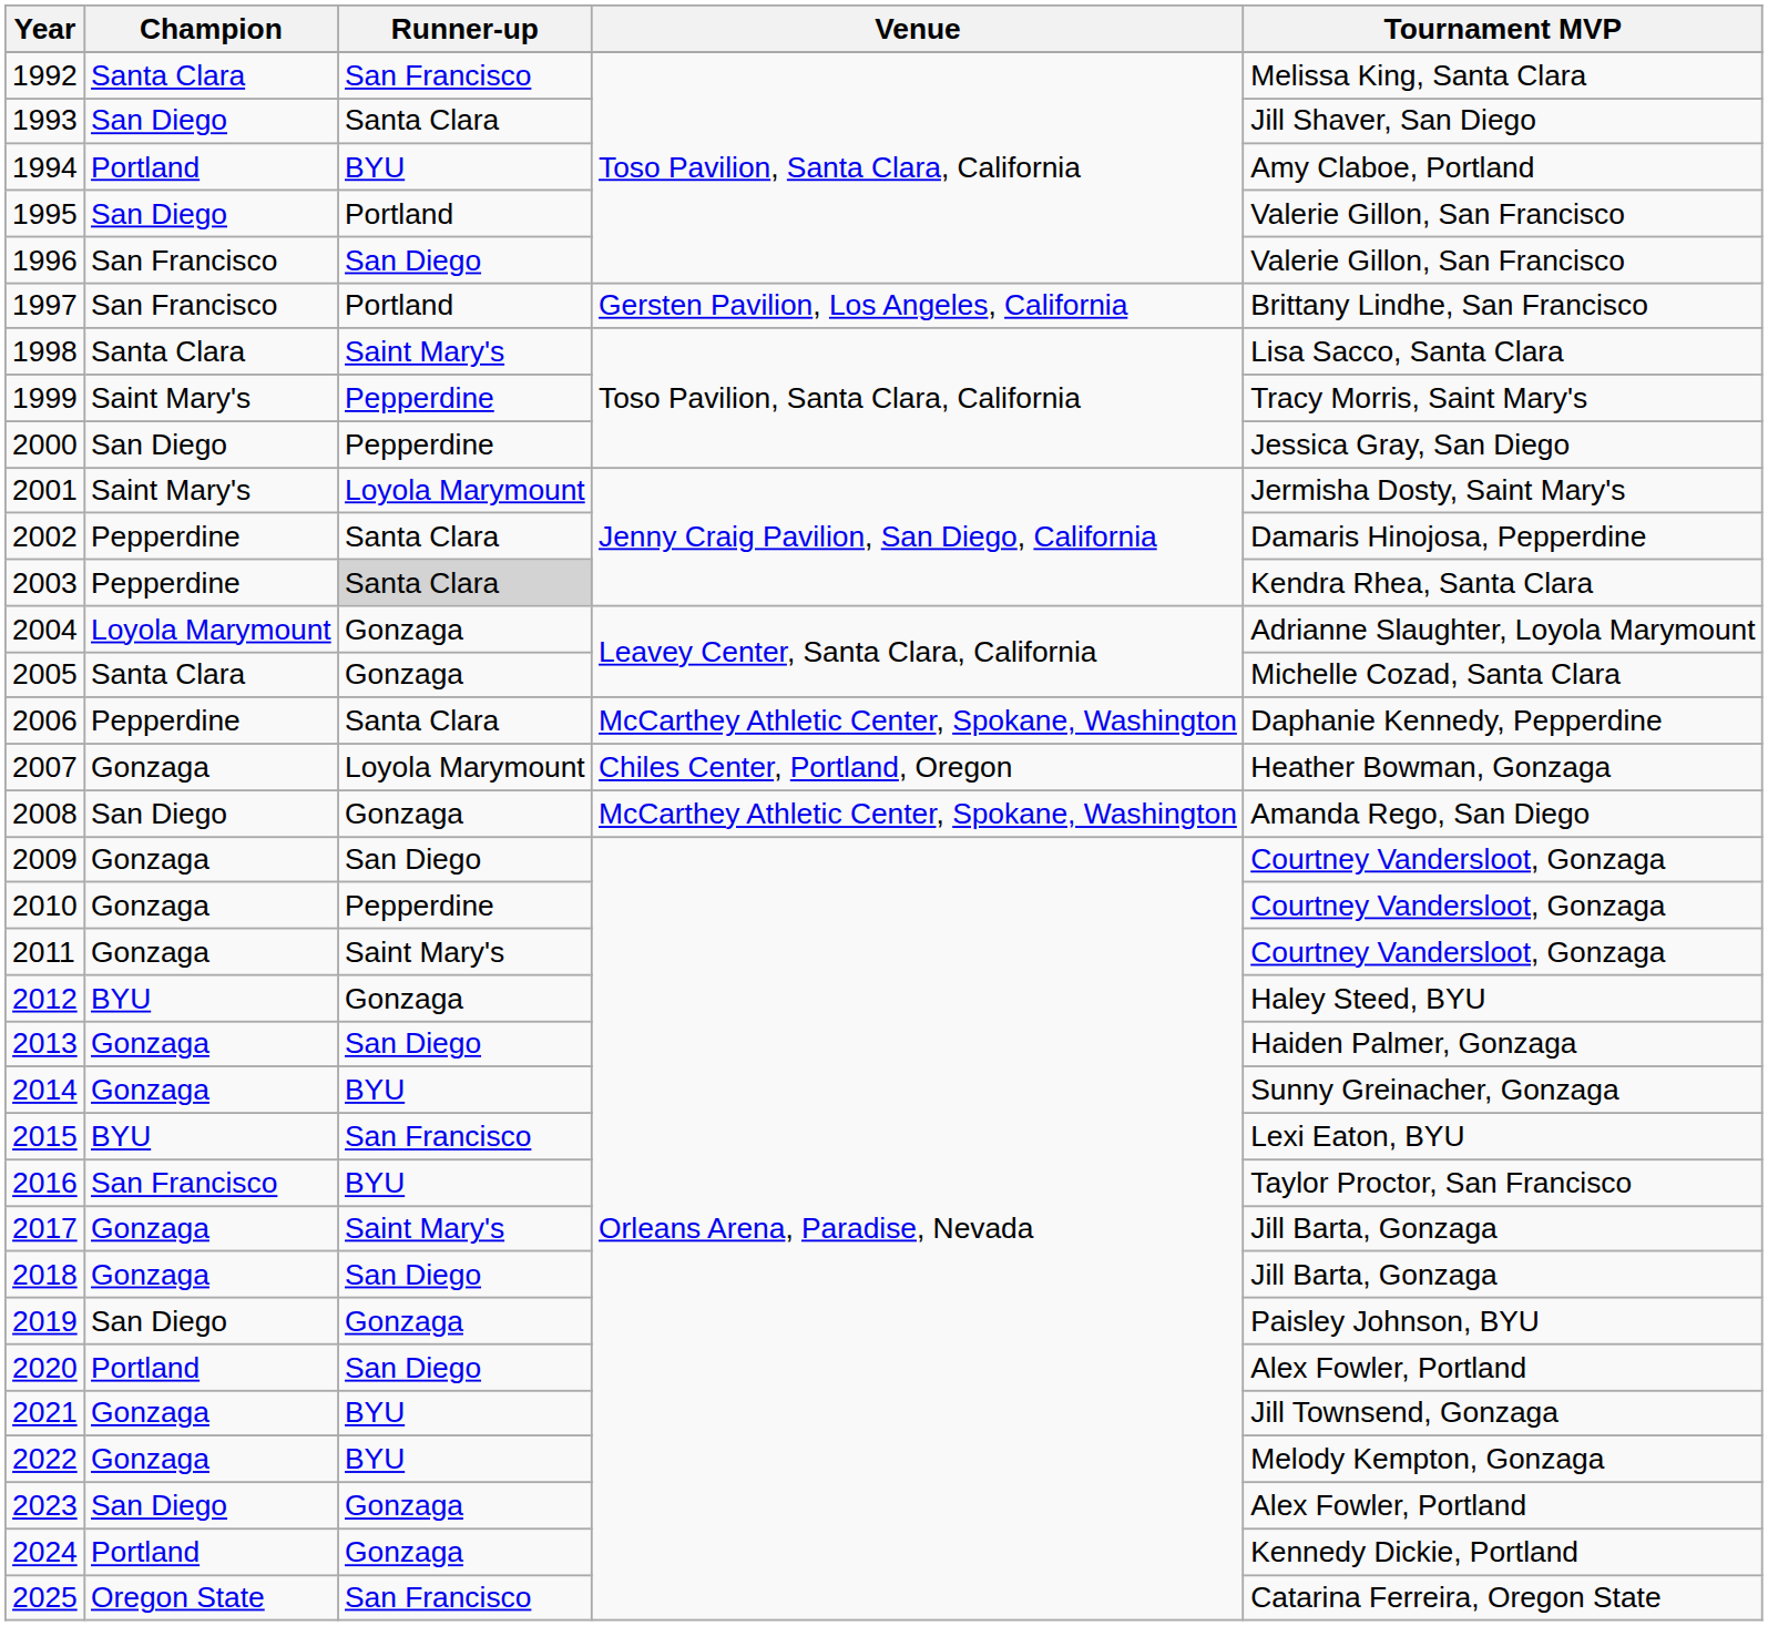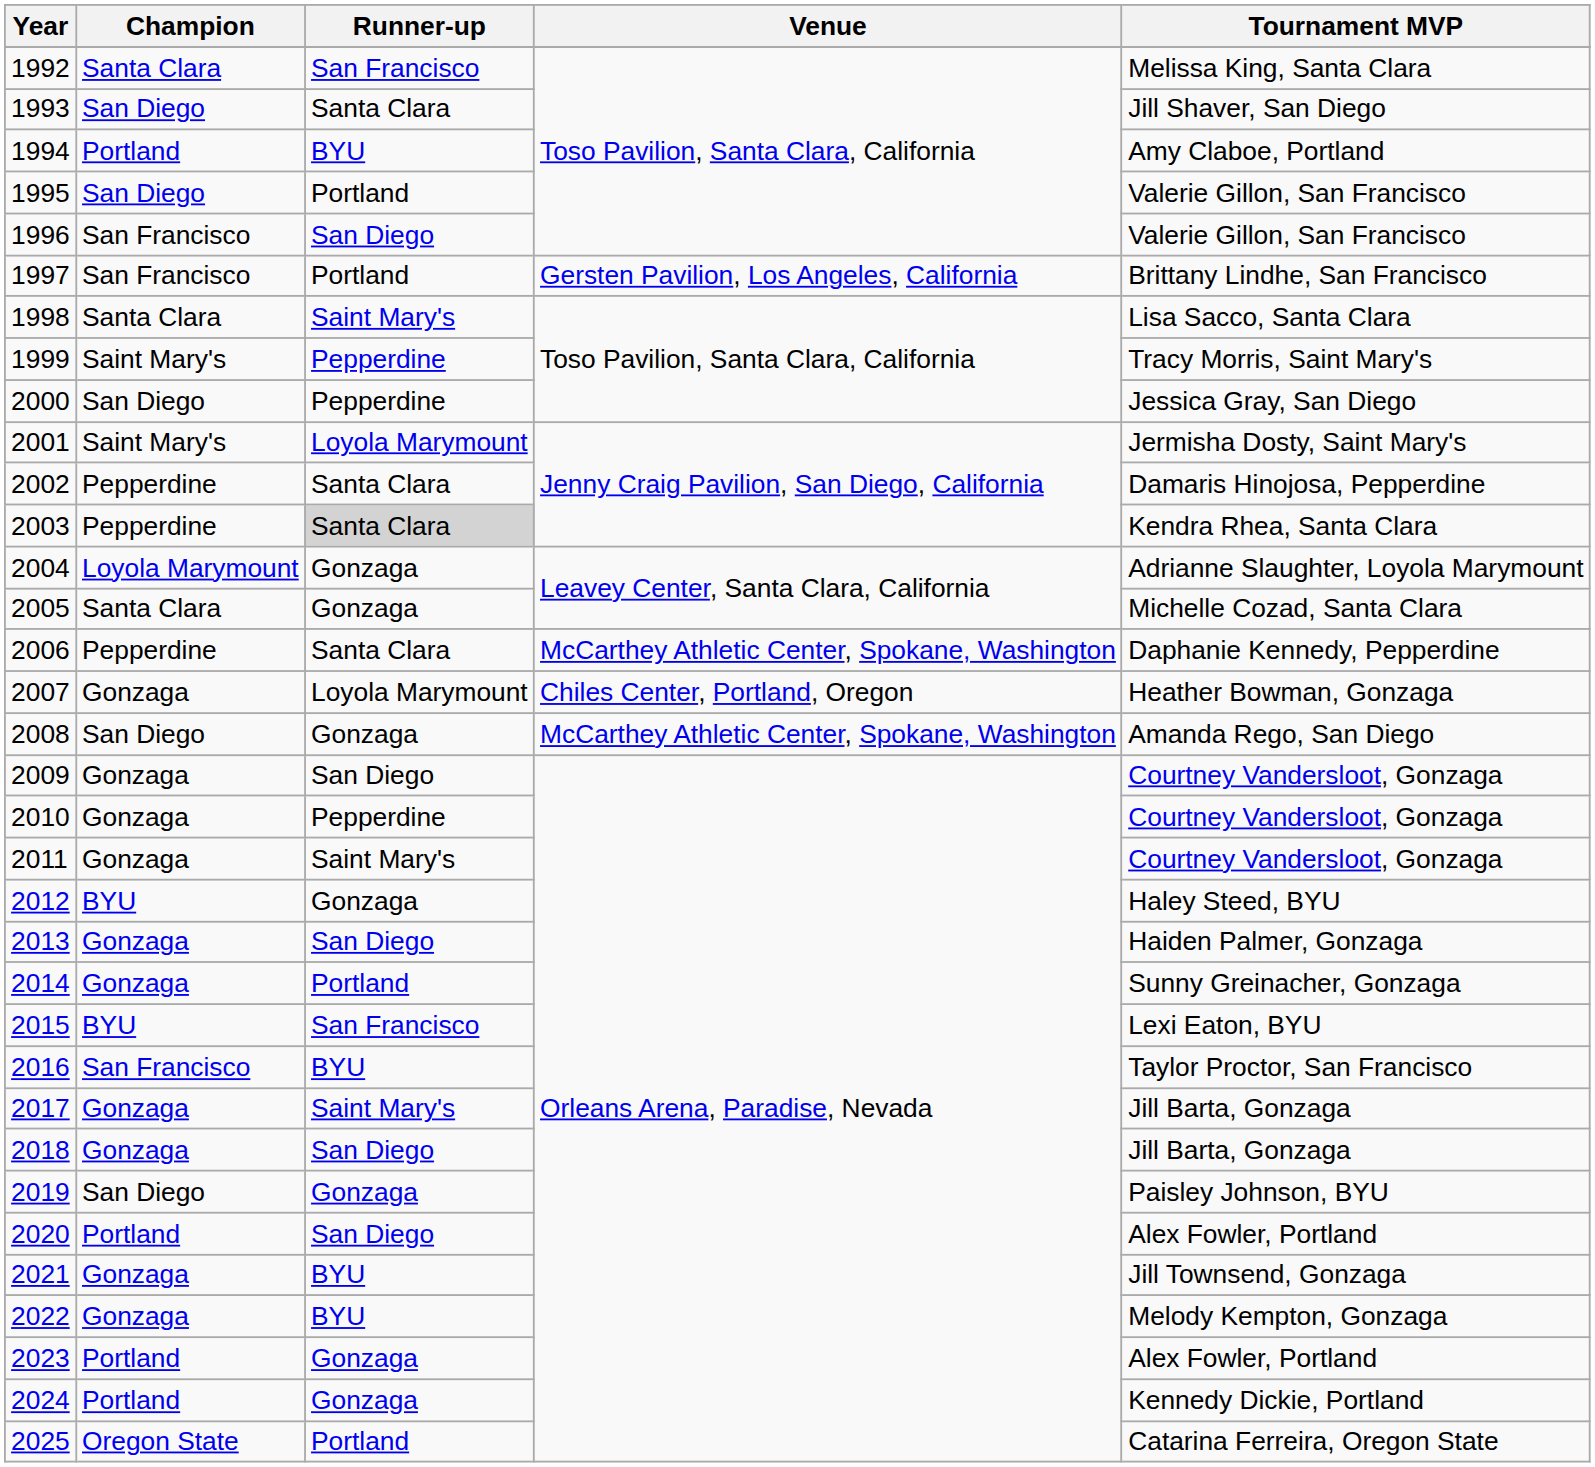 <table class="wikitable sortable" style="font-size:90%">
 <tr>
 <th width=px>Year</th>
 <th width=px>Champion</th>
 <th width=px>Runner-up</th>
 <th width=px>Venue</th>
 <th width=px>Tournament MVP</th>
 </tr>
 <tr>
 </tr>
 <tr>
 <td>1992</td>
 <td><a href='#'>Santa Clara</a></td>
 <td><a href='#'>San Francisco</a></td>
 <td rowspan=5><a href='#'>Toso Pavilion</a>, <a href='#'>Santa Clara</a>, California</td>
 <td>Melissa King, Santa Clara</td>
 </tr>
 <tr>
 <td>1993</td>
 <td><a href='#'>San Diego</a></td>
 <td>Santa Clara</td>
 <td>Jill Shaver, San Diego</td>
 </tr>
 <tr>
 <td>1994</td>
 <td><a href='#'>Portland</a></td>
 <td><a href='#'>BYU</a></td>
 <td>Amy Claboe, Portland</td>
 </tr>
 <tr>
 <td>1995</td>
 <td><a href='#'>San Diego</a></td>
 <td>Portland</td>
 <td>Valerie Gillon, San Francisco</td>
 </tr>
 <tr>
 <td>1996</td>
 <td>San Francisco</td>
 <td><a href='#'>San Diego</a></td>
 <td>Valerie Gillon, San Francisco</td>
 </tr>
 <tr>
 <td>1997</td>
 <td>San Francisco</td>
 <td>Portland</td>
 <td><a href='#'>Gersten Pavilion</a>, <a href='#'>Los Angeles</a>, <a href='#'>California</a></td>
 <td>Brittany Lindhe, San Francisco</td>
 </tr>
 <tr>
 <td>1998</td>
 <td>Santa Clara</td>
 <td><a href='#'>Saint Mary's</a></td>
 <td rowspan=3>Toso Pavilion, Santa Clara, California</td>
 <td>Lisa Sacco, Santa Clara</td>
 </tr>
 <tr>
 <td>1999</td>
 <td>Saint Mary's</td>
 <td><a href='#'>Pepperdine</a></td>
 <td>Tracy Morris, Saint Mary's</td>
 </tr>
 <tr>
 <td>2000</td>
 <td>San Diego</td>
 <td>Pepperdine</td>
 <td>Jessica Gray, San Diego</td>
 </tr>
 <tr>
 <td>2001</td>
 <td>Saint Mary's</td>
 <td><a href='#'>Loyola Marymount</a></td>
 <td rowspan=3><a href='#'>Jenny Craig Pavilion</a>, <a href='#'>San Diego</a>, <a href='#'>California</a></td>
 <td>Jermisha Dosty, Saint Mary's</td>
 </tr>
 <tr>
 <td>2002</td>
 <td>Pepperdine</td>
 <td>Santa Clara</td>
 <td>Damaris Hinojosa, Pepperdine</td>
 </tr>
 <tr>
 <td>2003</td>
 <td>Pepperdine</td>
 <td style="background: lightgrey;">Santa Clara</td>
 <td>Kendra Rhea, Santa Clara</td>
 </tr>
 <tr>
 <td>2004</td>
 <td><a href='#'>Loyola Marymount</a></td>
 <td>Gonzaga</td>
 <td rowspan=2><a href='#'>Leavey Center</a>, Santa Clara, California</td>
 <td>Adrianne Slaughter, Loyola Marymount</td>
 </tr>
 <tr>
 <td>2005</td>
 <td>Santa Clara</td>
 <td>Gonzaga</td>
 <td>Michelle Cozad, Santa Clara</td>
 </tr>
 <tr>
 <td>2006</td>
 <td>Pepperdine</td>
 <td>Santa Clara</td>
 <td><a href='#'>McCarthey Athletic Center</a>, <a href='#'>Spokane, Washington</a></td>
 <td>Daphanie Kennedy, Pepperdine</td>
 </tr>
 <tr>
 <td>2007</td>
 <td>Gonzaga</td>
 <td>Loyola Marymount</td>
 <td><a href='#'>Chiles Center</a>, <a href='#'>Portland</a>, Oregon</td>
 <td>Heather Bowman, Gonzaga</td>
 </tr>
 <tr>
 <td>2008</td>
 <td>San Diego</td>
 <td>Gonzaga</td>
 <td><a href='#'>McCarthey Athletic Center</a>, <a href='#'>Spokane, Washington</a></td>
 <td>Amanda Rego, San Diego</td>
 </tr>
 <tr>
 <td>2009</td>
 <td>Gonzaga</td>
 <td>San Diego</td>
 <td rowspan=17><a href='#'>Orleans Arena</a>, <a href='#'>Paradise</a>, Nevada</td>
 <td><a href='#'>Courtney Vandersloot</a>, Gonzaga</td>
 </tr>
 <tr>
 <td>2010</td>
 <td>Gonzaga</td>
 <td>Pepperdine</td>
 <td><a href='#'>Courtney Vandersloot</a>, Gonzaga</td>
 </tr>
 <tr>
 <td>2011</td>
 <td>Gonzaga</td>
 <td>Saint Mary's</td>
 <td><a href='#'>Courtney Vandersloot</a>, Gonzaga</td>
 </tr>
 <tr>
 <td><a href='#'>2012</a></td>
 <td><a href='#'>BYU</a></td>
 <td>Gonzaga</td>
 <td>Haley Steed, BYU</td>
 </tr>
 <tr>
 <td><a href='#'>2013</a></td>
 <td><a href='#'>Gonzaga</a></td>
 <td><a href='#'>San Diego</a></td>
 <td>Haiden Palmer, Gonzaga</td>
 </tr>
 <tr>
 <td><a href='#'>2014</a></td>
 <td><a href='#'>Gonzaga</a></td>
-<td><a href='#'>BYU</a></td>
+<td><a href='#'>Portland</a></td>
 <td>Sunny Greinacher, Gonzaga</td>
 </tr>
 <tr>
 <td><a href='#'>2015</a></td>
 <td><a href='#'>BYU</a></td>
 <td><a href='#'>San Francisco</a></td>
 <td>Lexi Eaton, BYU</td>
 </tr>
 <tr>
 <td><a href='#'>2016</a></td>
 <td><a href='#'>San Francisco</a></td>
 <td><a href='#'>BYU</a></td>
 <td>Taylor Proctor, San Francisco</td>
 </tr>
 <tr>
 <td><a href='#'>2017</a></td>
 <td><a href='#'>Gonzaga</a></td>
 <td><a href='#'>Saint Mary's</a></td>
 <td>Jill Barta, Gonzaga</td>
 </tr>
 <tr>
 <td><a href='#'>2018</a></td>
 <td><a href='#'>Gonzaga</a></td>
 <td><a href='#'>San Diego</a></td>
 <td>Jill Barta, Gonzaga</td>
 </tr>
 <tr>
 <td><a href='#'>2019</a></td>
 <td>San Diego</td>
 <td><a href='#'>Gonzaga</a></td>
 <td>Paisley Johnson, BYU</td>
 </tr>
 <tr>
 <td><a href='#'>2020</a></td>
 <td><a href='#'>Portland</a></td>
 <td><a href='#'>San Diego</a></td>
 <td>Alex Fowler, Portland</td>
 </tr>
 <tr>
 <td><a href='#'>2021</a></td>
 <td><a href='#'>Gonzaga</a></td>
 <td><a href='#'>BYU</a></td>
 <td>Jill Townsend, Gonzaga</td>
 </tr>
 <tr>
 <td><a href='#'>2022</a></td>
 <td><a href='#'>Gonzaga</a></td>
 <td><a href='#'>BYU</a></td>
 <td>Melody Kempton, Gonzaga</td>
 </tr>
 <tr>
 <td><a href='#'>2023</a></td>
-<td><a href='#'>San Diego</a></td>
+<td><a href='#'>Portland</a></td>
 <td><a href='#'>Gonzaga</a></td>
 <td>Alex Fowler, Portland</td>
 </tr>
 <tr>
 <td><a href='#'>2024</a></td>
 <td><a href='#'>Portland</a></td>
 <td><a href='#'>Gonzaga</a></td>
 <td>Kennedy Dickie, Portland</td>
 </tr>
 <tr>
 <td><a href='#'>2025</a></td>
 <td><a href='#'>Oregon State</a></td>
-<td><a href='#'>San Francisco</a></td>
+<td><a href='#'>Portland</a></td>
 <td>Catarina Ferreira, Oregon State</td>
 </tr>
 </table>
